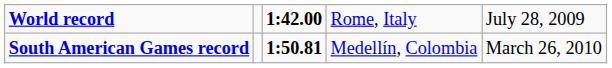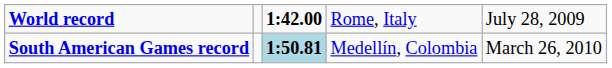 <table class="wikitable">
 <tr>
 <td><strong><a href='#'>World record</a></strong></td>
 <td></td>
 <td><strong>1:42.00</strong></td>
 <td><a href='#'>Rome</a>, <a href='#'>Italy</a></td>
 <td>July 28, 2009</td>
 </tr>
 <tr>
 <td><strong><a href='#'>South American Games record</a></strong></td>
 <td></td>
-<td><strong>1:50.81</strong></td>
+<td style="background: lightblue;"><strong>1:50.81</strong></td>
 <td><a href='#'>Medellín</a>, <a href='#'>Colombia</a></td>
 <td>March 26, 2010</td>
 </tr>
 </table>
